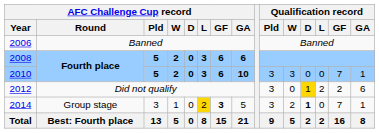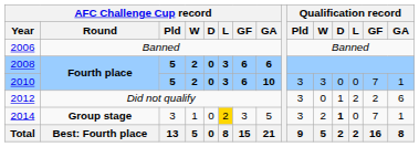 <table class="wikitable" style="text-align: center;font-size:100%;">
 <tr>
 <th colspan=8><a href='#'>AFC Challenge Cup</a> record</th>
 <th width=1% rowspan=90></th>
 <th colspan=6>Qualification record</th>
 </tr>
 <tr>
 <th>Year</th>
 <th>Round</th>
 <th>Pld</th>
 <th>W</th>
 <th>D</th>
 <th>L</th>
 <th>GF</th>
 <th>GA</th>
 <th>Pld</th>
 <th>W</th>
 <th>D</th>
 <th>L</th>
 <th>GF</th>
 <th>GA</th>
 </tr>
 <tr>
 <td> <a href='#'>2006</a></td>
 <td colspan="7"><em>Banned</em></td>
 <td colspan="6"><em>Banned </em></td>
 </tr>
 <tr bgcolor=#9acdff>
 <td> <a href='#'>2008</a></td>
 <td rowspan="2"><strong>Fourth place</strong></td>
 <td><strong>5</strong></td>
 <td><strong>2</strong></td>
 <td><strong>0</strong></td>
 <td><strong>3</strong></td>
 <td><strong>6</strong></td>
 <td><strong>6</strong></td>
 <td colspan="6"></td>
 </tr>
 <tr bgcolor=#9acdff>
 <td> <a href='#'>2010</a></td>
 <td><strong>5</strong></td>
 <td><strong>2</strong></td>
 <td><strong>0</strong></td>
 <td><strong>3</strong></td>
 <td><strong>6</strong></td>
 <td><strong>10</strong></td>
 <td>3</td>
 <td>3</td>
 <td>0</td>
 <td>0</td>
 <td>7</td>
 <td>1</td>
 </tr>
 <tr>
 <td> <a href='#'>2012</a></td>
 <td colspan="7"><em>Did not qualify</em></td>
 <td>3</td>
 <td>0</td>
-<td style="background: gold;">1</td>
+<td>1</td>
 <td>2</td>
 <td>2</td>
 <td>6</td>
 </tr>
 <tr>
 <td> <a href='#'>2014</a></td>
-<td>Group stage</td>
+<td><strong>Group stage</strong></td>
 <td>3</td>
 <td>1</td>
 <td>0</td>
 <td style="background: gold;">2</td>
-<td><strong>3</strong></td>
+<td>3</td>
 <td>5</td>
 <td>3</td>
 <td>2</td>
 <td><strong>1</strong></td>
 <td>0</td>
 <td>7</td>
 <td>1</td>
 </tr>
 <tr>
 <th><strong>Total</strong></th>
 <th><strong>Best: Fourth place</strong></th>
 <th>13</th>
 <th>5</th>
 <th>0</th>
 <th>8</th>
 <th>15</th>
 <th>21</th>
 <th>9</th>
 <th>5</th>
 <th>2</th>
 <th>2</th>
 <th>16</th>
 <th>8</th>
 </tr>
 </table>
